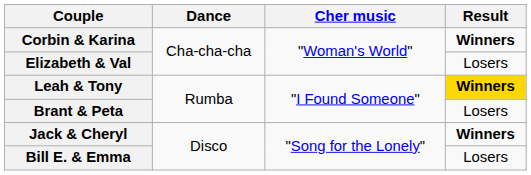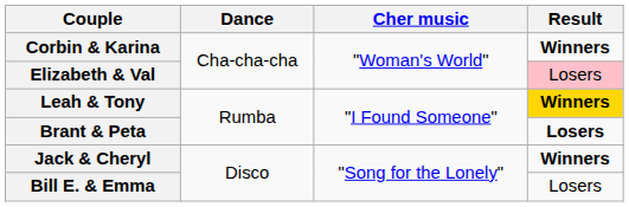 <table class="wikitable unsortable" style="text-align:center; width:90%">
 <tr>
 <th scope="col">Couple</th>
 <th scope="col">Dance</th>
 <th scope="col"><a href='#'>Cher music</a></th>
 <th scope="col">Result</th>
 </tr>
 <tr>
 <th scope="row">Corbin & Karina</th>
 <td rowspan=2>Cha-cha-cha</td>
 <td rowspan=2>"<a href='#'>Woman's World</a>"</td>
 <td><strong>Winners</strong></td>
 </tr>
 <tr>
 <th scope="row">Elizabeth & Val</th>
-<td>Losers</td>
+<td style="background: pink;">Losers</td>
 </tr>
 <tr>
 <th scope="row">Leah & Tony</th>
 <td rowspan=2>Rumba</td>
 <td rowspan=2>"<a href='#'>I Found Someone</a>"</td>
 <td style="background: gold;"><strong>Winners</strong></td>
 </tr>
 <tr>
 <th scope="row">Brant & Peta</th>
-<td>Losers</td>
+<td><strong>Losers</strong></td>
 </tr>
 <tr>
 <th scope="row">Jack & Cheryl</th>
 <td rowspan=2>Disco</td>
 <td rowspan=2>"<a href='#'>Song for the Lonely</a>"</td>
 <td><strong>Winners</strong></td>
 </tr>
 <tr>
 <th scope="row">Bill E. & Emma</th>
 <td>Losers</td>
 </tr>
 </table>
